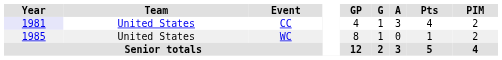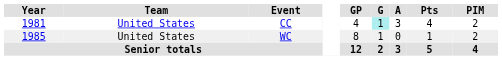 <table border="0" cellpadding="1" cellspacing="0" style="text-align:center; width:50em">
 <tr ALIGN="center" bgcolor="#e0e0e0">
 <th>Year</th>
 <th>Team</th>
 <th>Event</th>
 <th rowspan="99" bgcolor="#ffffff"> </th>
 <th>GP</th>
 <th>G</th>
 <th>A</th>
 <th>Pts</th>
 <th>PIM</th>
 </tr>
 <tr>
-<td style="background: lavender;"><a href='#'>1981</a></td>
+<td><a href='#'>1981</a></td>
 <td><a href='#'>United States</a></td>
 <td><a href='#'>CC</a></td>
 <td>4</td>
-<td>1</td>
+<td style="background: paleturquoise;">1</td>
 <td>3</td>
 <td>4</td>
 <td>2</td>
 </tr>
 <tr bgcolor="#f0f0f0">
 <td><a href='#'>1985</a></td>
 <td>United States</td>
 <td><a href='#'>WC</a></td>
 <td>8</td>
 <td>1</td>
 <td>0</td>
 <td>1</td>
 <td>2</td>
 </tr>
 <tr bgcolor="#e0e0e0">
 <th colspan=3>Senior totals</th>
 <th>12</th>
 <th>2</th>
 <th>3</th>
 <th>5</th>
 <th>4</th>
 </tr>
 </table>
